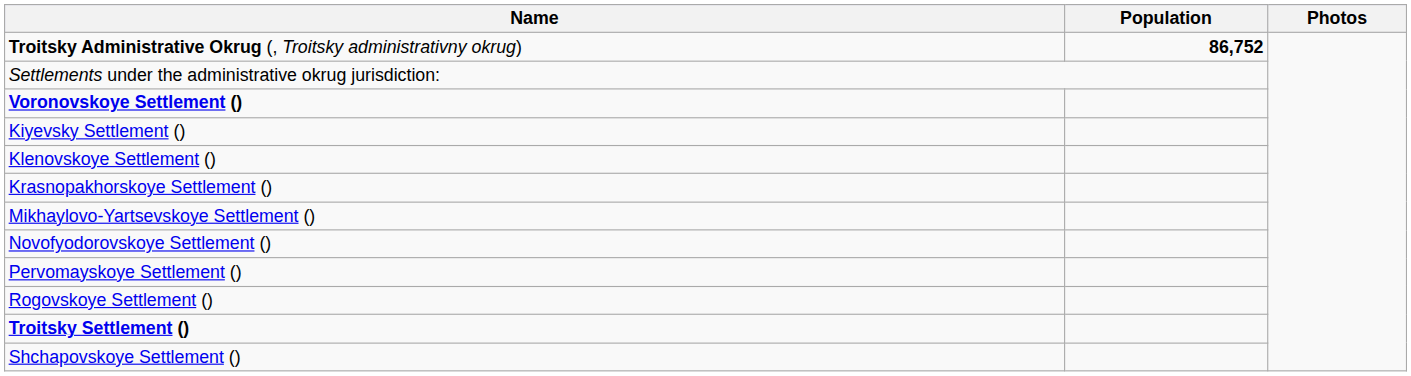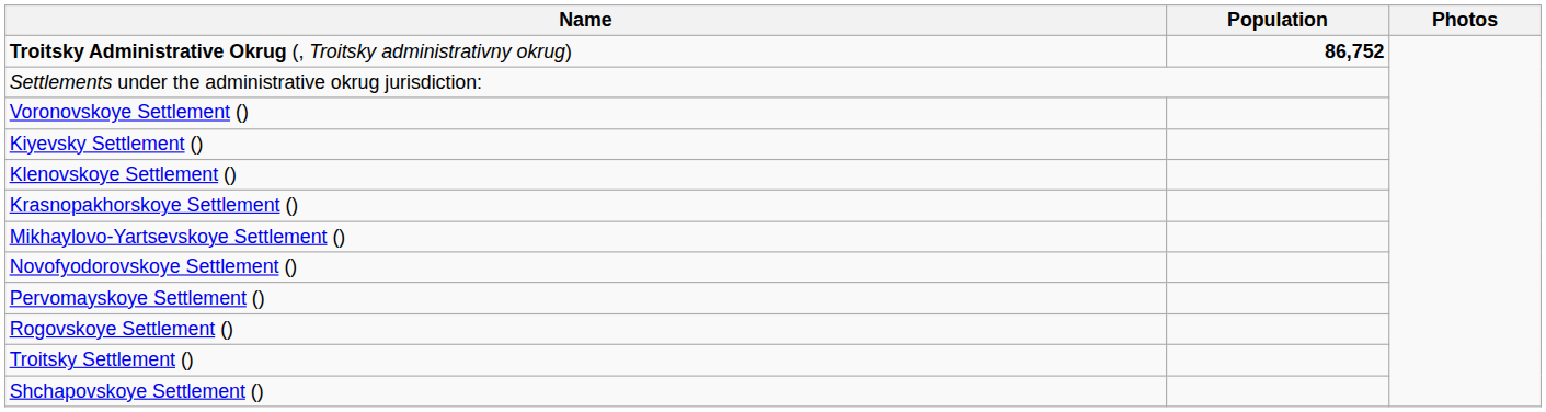 <table width=100% class="wikitable">
 <tr bgcolor="#CCCCFF" align="left">
 <th>Name</th>
 <th>Population</th>
 <th>Photos</th>
 </tr>
 <tr>
 <td><strong>Troitsky Administrative Okrug</strong> (, <em>Troitsky administrativny okrug</em>)</td>
 <td align="right"><strong>86,752</strong></td>
 <td rowspan=12></td>
 </tr>
 <tr>
 <td colspan=2><em>Settlements</em> under the administrative okrug jurisdiction:</td>
 </tr>
 <tr>
-<td><strong><a href='#'>Voronovskoye Settlement</a> ()</strong></td>
+<td><a href='#'>Voronovskoye Settlement</a> ()</td>
 <td align="right"></td>
 </tr>
 <tr>
 <td><a href='#'>Kiyevsky Settlement</a> ()</td>
 <td align="right"></td>
 </tr>
 <tr>
 <td><a href='#'>Klenovskoye Settlement</a> ()</td>
 <td align="right"></td>
 </tr>
 <tr>
 <td><a href='#'>Krasnopakhorskoye Settlement</a> ()</td>
 <td align="right"></td>
 </tr>
 <tr>
 <td><a href='#'>Mikhaylovo-Yartsevskoye Settlement</a> ()</td>
 <td align="right"></td>
 </tr>
 <tr>
 <td><a href='#'>Novofyodorovskoye Settlement</a> ()</td>
 <td align="right"></td>
 </tr>
 <tr>
 <td><a href='#'>Pervomayskoye Settlement</a> ()</td>
 <td align="right"></td>
 </tr>
 <tr>
 <td><a href='#'>Rogovskoye Settlement</a> ()</td>
 <td align="right"></td>
 </tr>
 <tr>
-<td><strong><a href='#'>Troitsky Settlement</a> ()</strong></td>
+<td><a href='#'>Troitsky Settlement</a> ()</td>
 <td align="right"></td>
 </tr>
 <tr>
 <td><a href='#'>Shchapovskoye Settlement</a> ()</td>
 <td align="right"></td>
 </tr>
 </table>
